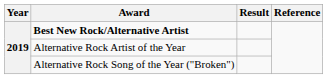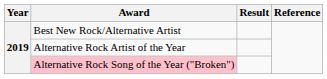 <table class="wikitable">
 <tr>
 <th>Year</th>
 <th>Award</th>
 <th>Result</th>
 <th>Reference</th>
 </tr>
 <tr>
 <th rowspan="3">2019</th>
-<td><strong>Best New Rock/Alternative Artist</strong></td>
+<td>Best New Rock/Alternative Artist</td>
 <td></td>
 <td rowspan="3"></td>
 </tr>
 <tr>
 <td>Alternative Rock Artist of the Year</td>
 <td></td>
 </tr>
 <tr>
-<td>Alternative Rock Song of the Year ("Broken")</td>
+<td style="background: pink;">Alternative Rock Song of the Year ("Broken")</td>
 <td></td>
 </tr>
 </table>
